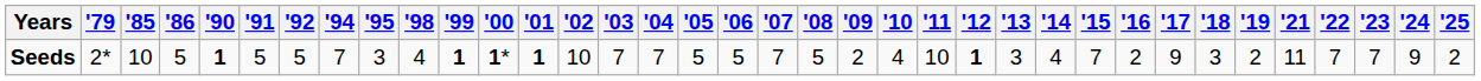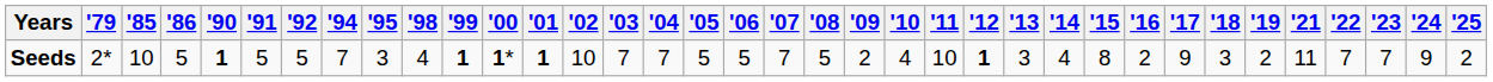 <table class="wikitable">
 <tr>
 <th>Years</th>
 <th><a href='#'>'79</a></th>
 <th><a href='#'>'85</a></th>
 <th><a href='#'>'86</a></th>
 <th><a href='#'>'90</a></th>
 <th><a href='#'>'91</a></th>
 <th><a href='#'>'92</a></th>
 <th><a href='#'>'94</a></th>
 <th><a href='#'>'95</a></th>
 <th><a href='#'>'98</a></th>
 <th><a href='#'>'99</a></th>
 <th><a href='#'>'00</a></th>
 <th><a href='#'>'01</a></th>
 <th><a href='#'>'02</a></th>
 <th><a href='#'>'03</a></th>
 <th><a href='#'>'04</a></th>
 <th><a href='#'>'05</a></th>
 <th><a href='#'>'06</a></th>
 <th><a href='#'>'07</a></th>
 <th><a href='#'>'08</a></th>
 <th><a href='#'>'09</a></th>
 <th><a href='#'>'10</a></th>
 <th><a href='#'>'11</a></th>
 <th><a href='#'>'12</a></th>
 <th><a href='#'>'13</a></th>
 <th><a href='#'>'14</a></th>
 <th><a href='#'>'15</a></th>
 <th><a href='#'>'16</a></th>
 <th><a href='#'>'17</a></th>
 <th><a href='#'>'18</a></th>
 <th><a href='#'>'19</a></th>
 <th><a href='#'>'21</a></th>
 <th><a href='#'>'22</a></th>
 <th><a href='#'>'23</a></th>
 <th><a href='#'>'24</a></th>
 <th><a href='#'>'25</a></th>
 </tr>
 <tr align="center">
 <td align="left"><strong>Seeds</strong></td>
 <td>2*</td>
 <td>10</td>
 <td>5</td>
 <td><strong>1</strong></td>
 <td>5</td>
 <td>5</td>
 <td>7</td>
 <td>3</td>
 <td>4</td>
 <td><strong>1</strong></td>
 <td><strong>1</strong>*</td>
 <td><strong>1</strong></td>
 <td>10</td>
 <td>7</td>
 <td>7</td>
 <td>5</td>
 <td>5</td>
 <td>7</td>
 <td>5</td>
 <td>2</td>
 <td>4</td>
 <td>10</td>
 <td><strong>1</strong></td>
 <td>3</td>
 <td>4</td>
-<td>7</td>
+<td>8</td>
 <td>2</td>
 <td>9</td>
 <td>3</td>
 <td>2</td>
 <td>11</td>
 <td>7</td>
 <td>7</td>
 <td>9</td>
 <td>2</td>
 </tr>
 </table>
